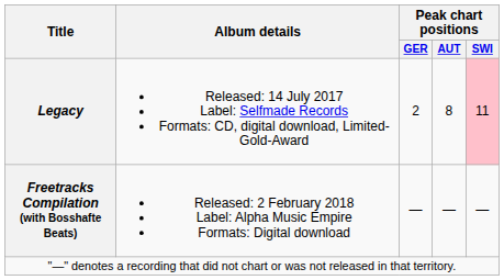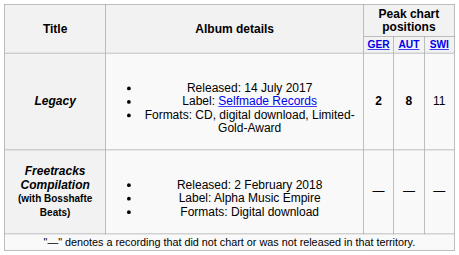 <table class="wikitable plainrowheaders" style="text-align:center;">
 <tr>
 <th scope="col" rowspan="2" style="width:8em;">Title</th>
 <th scope="col" rowspan="2" style="width:21em;">Album details</th>
 <th scope="col" colspan="3">Peak chart positions</th>
 </tr>
 <tr>
 <th style="width:2.5em; font-size:85%"><a href='#'>GER</a><br></th>
 <th style="width:2.5em; font-size:85%"><a href='#'>AUT</a><br></th>
 <th style="width:2.5em; font-size:85%"><a href='#'>SWI</a><br></th>
 </tr>
 <tr>
 <th scope="row"><em>Legacy</em></th>
 <td><br><ul><li>Released: 14 July 2017</li><li>Label: <a href='#'>Selfmade Records</a></li><li>Formats: CD, digital download, Limited-Gold-Award</li></ul></td>
-<td align="center">2</td>
-<td align="center">8</td>
-<td align="center" style="background: pink;">11</td>
+<td align="center"><strong>2</strong></td>
+<td align="center"><strong>8</strong></td>
+<td align="center">11</td>
 </tr>
 <tr>
 <th scope="row"><em>Freetracks Compilation</em><br><small>(with Bosshafte Beats)</small></th>
 <td><br><ul><li>Released: 2 February 2018</li><li>Label: Alpha Music Empire</li><li>Formats: Digital download</li></ul></td>
 <td align="center">—</td>
 <td align="center">—</td>
 <td align="center">—</td>
 </tr>
 <tr>
 <td colspan="7" style="font-size:90%">"—" denotes a recording that did not chart or was not released in that territory.</td>
 </tr>
 </table>
